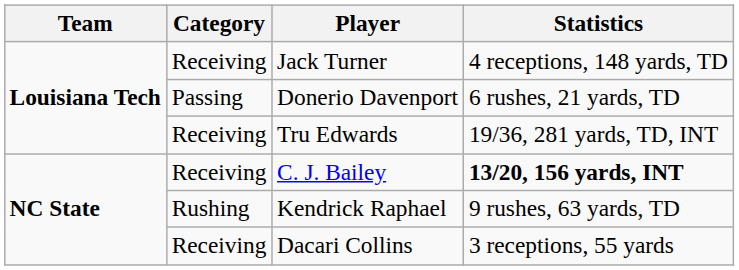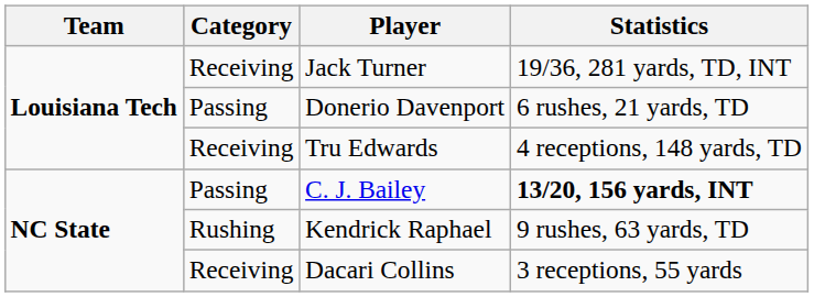 <table class="wikitable" style="float: right;">
 <tr>
 <th>Team</th>
 <th>Category</th>
 <th>Player</th>
 <th>Statistics</th>
 </tr>
 <tr>
 <td rowspan=3><strong>Louisiana Tech</strong></td>
 <td>Receiving</td>
 <td>Jack Turner</td>
-<td>4 receptions, 148 yards, TD</td>
+<td>19/36, 281 yards, TD, INT</td>
 </tr>
 <tr>
 <td>Passing</td>
 <td>Donerio Davenport</td>
 <td>6 rushes, 21 yards, TD</td>
 </tr>
 <tr>
 <td>Receiving</td>
 <td>Tru Edwards</td>
-<td>19/36, 281 yards, TD, INT</td>
+<td>4 receptions, 148 yards, TD</td>
 </tr>
 <tr>
 <td rowspan=3><strong>NC State</strong></td>
-<td>Receiving</td>
+<td>Passing</td>
 <td><a href='#'>C. J. Bailey</a></td>
 <td><strong>13/20, 156 yards, INT</strong></td>
 </tr>
 <tr>
 <td>Rushing</td>
 <td>Kendrick Raphael</td>
 <td>9 rushes, 63 yards, TD</td>
 </tr>
 <tr>
 <td>Receiving</td>
 <td>Dacari Collins</td>
 <td>3 receptions, 55 yards</td>
 </tr>
 </table>
